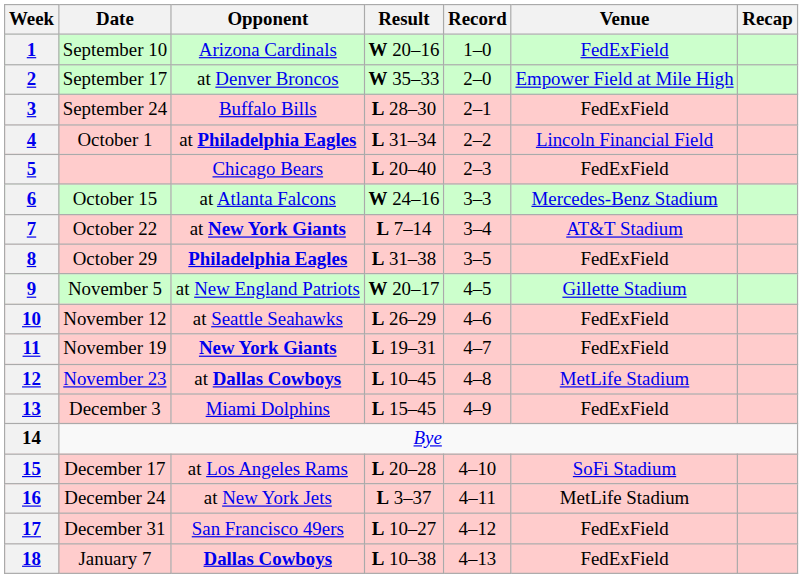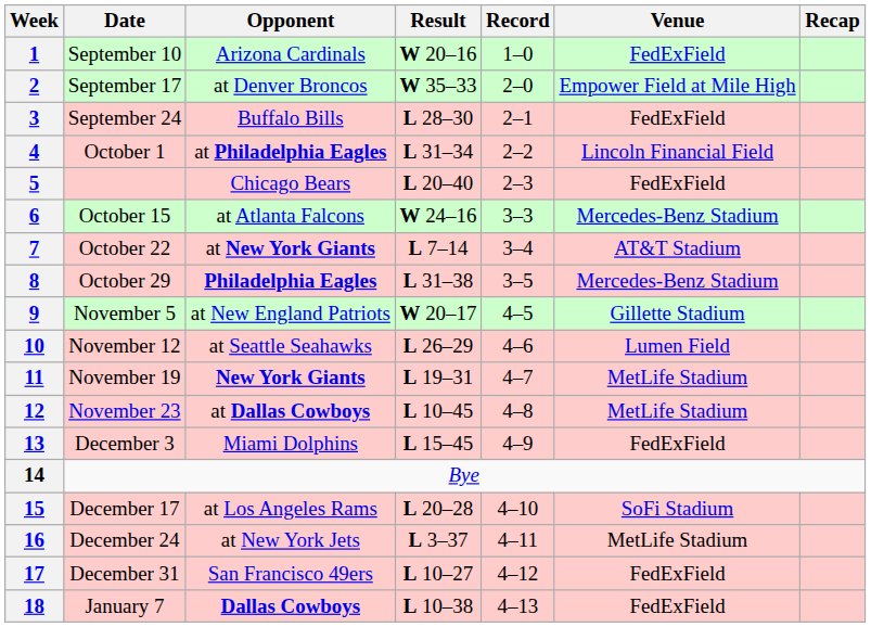 <table class="wikitable" style="text-align:center">
 <tr>
 <th>Week</th>
 <th>Date</th>
 <th>Opponent</th>
 <th>Result</th>
 <th>Record</th>
 <th>Venue</th>
 <th>Recap</th>
 </tr>
 <tr style="background:#cfc">
 <th><a href='#'>1</a></th>
 <td>September 10</td>
 <td><a href='#'>Arizona Cardinals</a></td>
 <td><strong>W</strong> 20–16</td>
 <td>1–0</td>
 <td><a href='#'>FedExField</a></td>
 <td></td>
 </tr>
 <tr style="background:#cfc">
 <th><a href='#'>2</a></th>
 <td>September 17</td>
 <td>at <a href='#'>Denver Broncos</a></td>
 <td><strong>W</strong> 35–33</td>
 <td>2–0</td>
 <td><a href='#'>Empower Field at Mile High</a></td>
 <td></td>
 </tr>
 <tr style="background:#fcc">
 <th><a href='#'>3</a></th>
 <td>September 24</td>
 <td><a href='#'>Buffalo Bills</a></td>
 <td><strong>L</strong> 28–30</td>
 <td>2–1</td>
 <td>FedExField</td>
 <td></td>
 </tr>
 <tr style="background:#fcc">
 <th><a href='#'>4</a></th>
 <td>October 1</td>
 <td>at <strong><a href='#'>Philadelphia Eagles</a></strong></td>
 <td><strong>L</strong> 31–34 </td>
 <td>2–2</td>
 <td><a href='#'>Lincoln Financial Field</a></td>
 <td></td>
 </tr>
 <tr style="background:#fcc">
 <th><a href='#'>5</a></th>
 <td></td>
 <td><a href='#'>Chicago Bears</a></td>
 <td><strong>L</strong> 20–40</td>
 <td>2–3</td>
 <td>FedExField</td>
 <td></td>
 </tr>
 <tr style="background:#cfc">
 <th><a href='#'>6</a></th>
 <td>October 15</td>
 <td>at <a href='#'>Atlanta Falcons</a></td>
 <td><strong>W</strong> 24–16</td>
 <td>3–3</td>
 <td><a href='#'>Mercedes-Benz Stadium</a></td>
 <td></td>
 </tr>
 <tr style="background:#fcc">
 <th><a href='#'>7</a></th>
 <td>October 22</td>
 <td>at <strong><a href='#'>New York Giants</a></strong></td>
 <td><strong>L</strong> 7–14</td>
 <td>3–4</td>
 <td><a href='#'>AT&T Stadium</a></td>
 <td></td>
 </tr>
 <tr style="background:#fcc;">
 <th><a href='#'>8</a></th>
 <td>October 29</td>
 <td><strong><a href='#'>Philadelphia Eagles</a></strong></td>
 <td><strong>L</strong> 31–38</td>
 <td>3–5</td>
-<td>FedExField</td>
+<td><a href='#'>Mercedes-Benz Stadium</a></td>
 <td></td>
 </tr>
 <tr style="background:#cfc">
 <th><a href='#'>9</a></th>
 <td>November 5</td>
 <td>at <a href='#'>New England Patriots</a></td>
 <td><strong>W</strong> 20–17</td>
 <td>4–5</td>
 <td><a href='#'>Gillette Stadium</a></td>
 <td></td>
 </tr>
 <tr style="background:#fcc">
 <th><a href='#'>10</a></th>
 <td>November 12</td>
 <td>at <a href='#'>Seattle Seahawks</a></td>
 <td><strong>L</strong> 26–29</td>
 <td>4–6</td>
-<td>FedExField</td>
+<td><a href='#'>Lumen Field</a></td>
 <td></td>
 </tr>
 <tr style="background:#fcc">
 <th><a href='#'>11</a></th>
 <td>November 19</td>
 <td><strong><a href='#'>New York Giants</a></strong></td>
 <td><strong>L</strong> 19–31</td>
 <td>4–7</td>
-<td>FedExField</td>
+<td><a href='#'>MetLife Stadium</a></td>
 <td></td>
 </tr>
 <tr style="background:#fcc">
 <th><a href='#'>12</a></th>
 <td><a href='#'>November 23</a></td>
 <td>at <strong><a href='#'>Dallas Cowboys</a></strong></td>
 <td><strong>L</strong> 10–45</td>
 <td>4–8</td>
 <td><a href='#'>MetLife Stadium</a></td>
 <td></td>
 </tr>
 <tr style="background:#fcc">
 <th><a href='#'>13</a></th>
 <td>December 3</td>
 <td><a href='#'>Miami Dolphins</a></td>
 <td><strong>L</strong> 15–45</td>
 <td>4–9</td>
 <td>FedExField</td>
 <td></td>
 </tr>
 <tr>
 <th>14</th>
 <td colspan="6"><em><a href='#'>Bye</a></em></td>
 </tr>
 <tr style="background:#fcc">
 <th><a href='#'>15</a></th>
 <td>December 17</td>
 <td>at <a href='#'>Los Angeles Rams</a></td>
 <td><strong>L</strong> 20–28</td>
 <td>4–10</td>
 <td><a href='#'>SoFi Stadium</a></td>
 <td></td>
 </tr>
 <tr style="background:#fcc">
 <th><a href='#'>16</a></th>
 <td>December 24</td>
 <td>at <a href='#'>New York Jets</a></td>
 <td><strong>L</strong> 3–37</td>
 <td>4–11</td>
 <td>MetLife Stadium</td>
 <td></td>
 </tr>
 <tr style="background:#fcc">
 <th><a href='#'>17</a></th>
 <td>December 31</td>
 <td><a href='#'>San Francisco 49ers</a></td>
 <td><strong>L</strong> 10–27</td>
 <td>4–12</td>
 <td>FedExField</td>
 <td></td>
 </tr>
 <tr style="background:#fcc">
 <th><a href='#'>18</a></th>
 <td>January 7</td>
 <td><strong><a href='#'>Dallas Cowboys</a></strong></td>
 <td><strong>L</strong> 10–38</td>
 <td>4–13</td>
 <td>FedExField</td>
 <td></td>
 </tr>
 </table>
